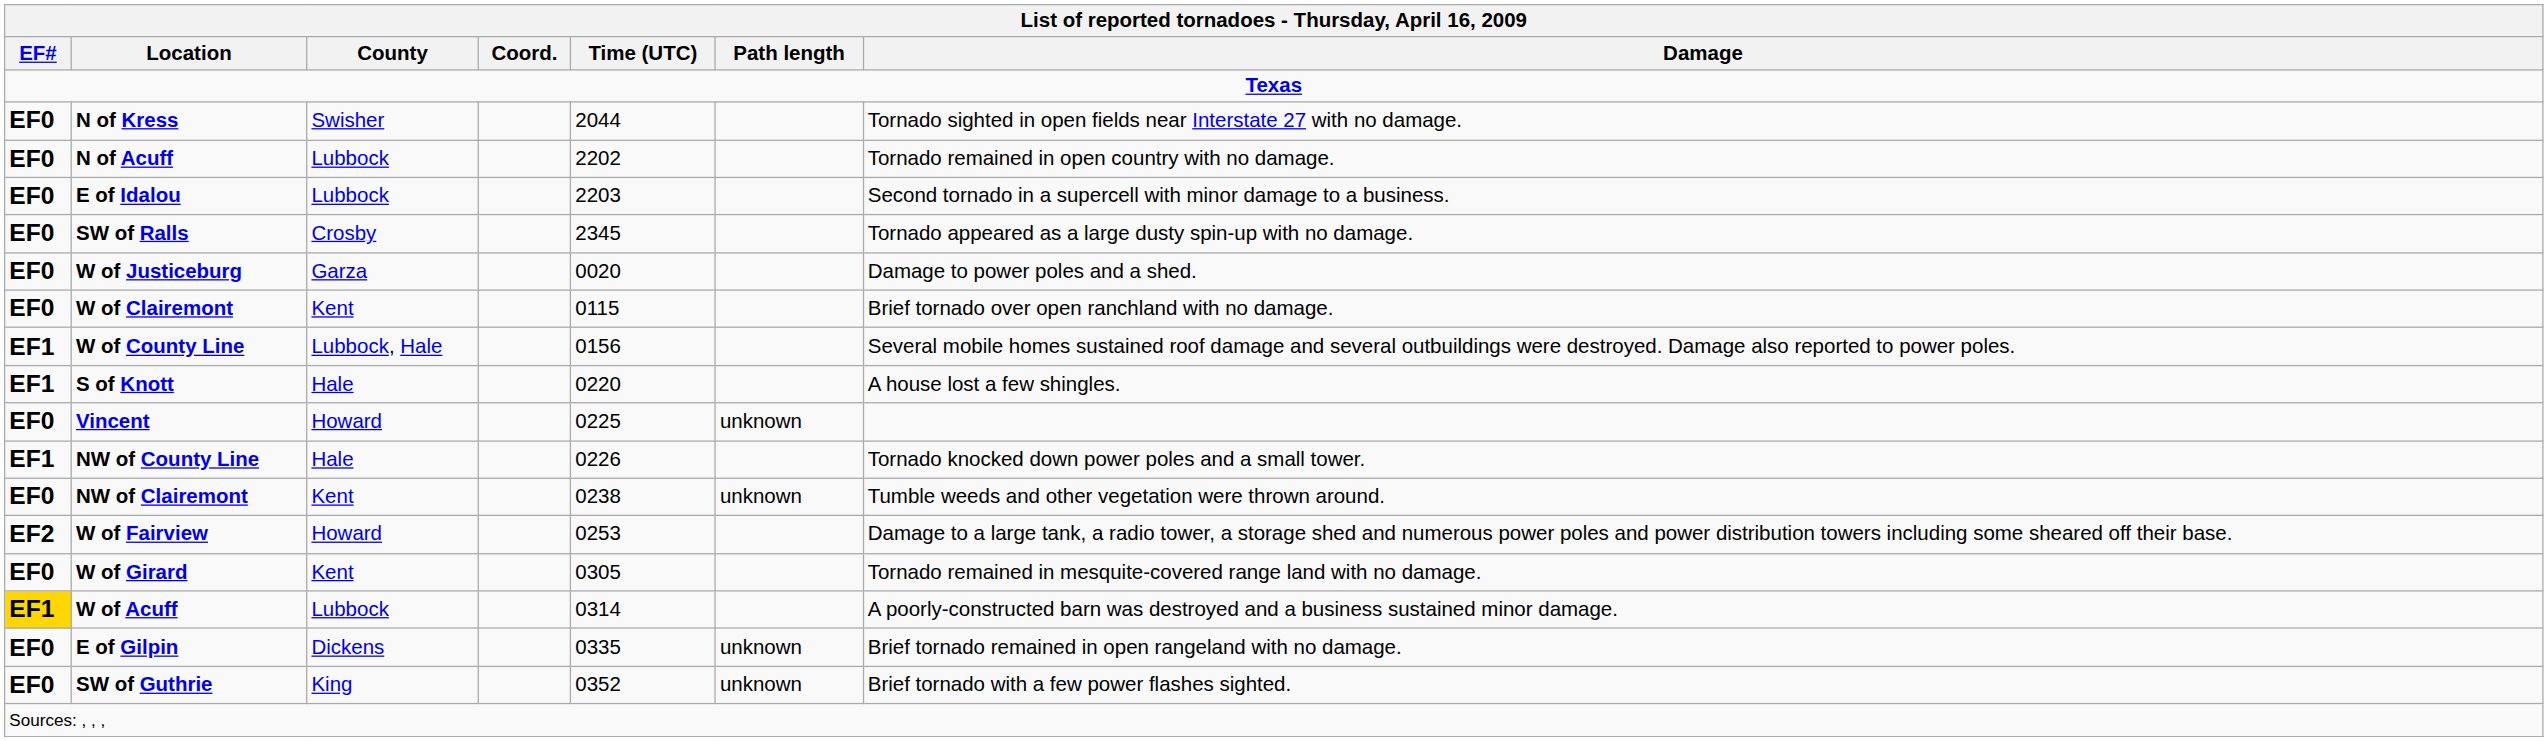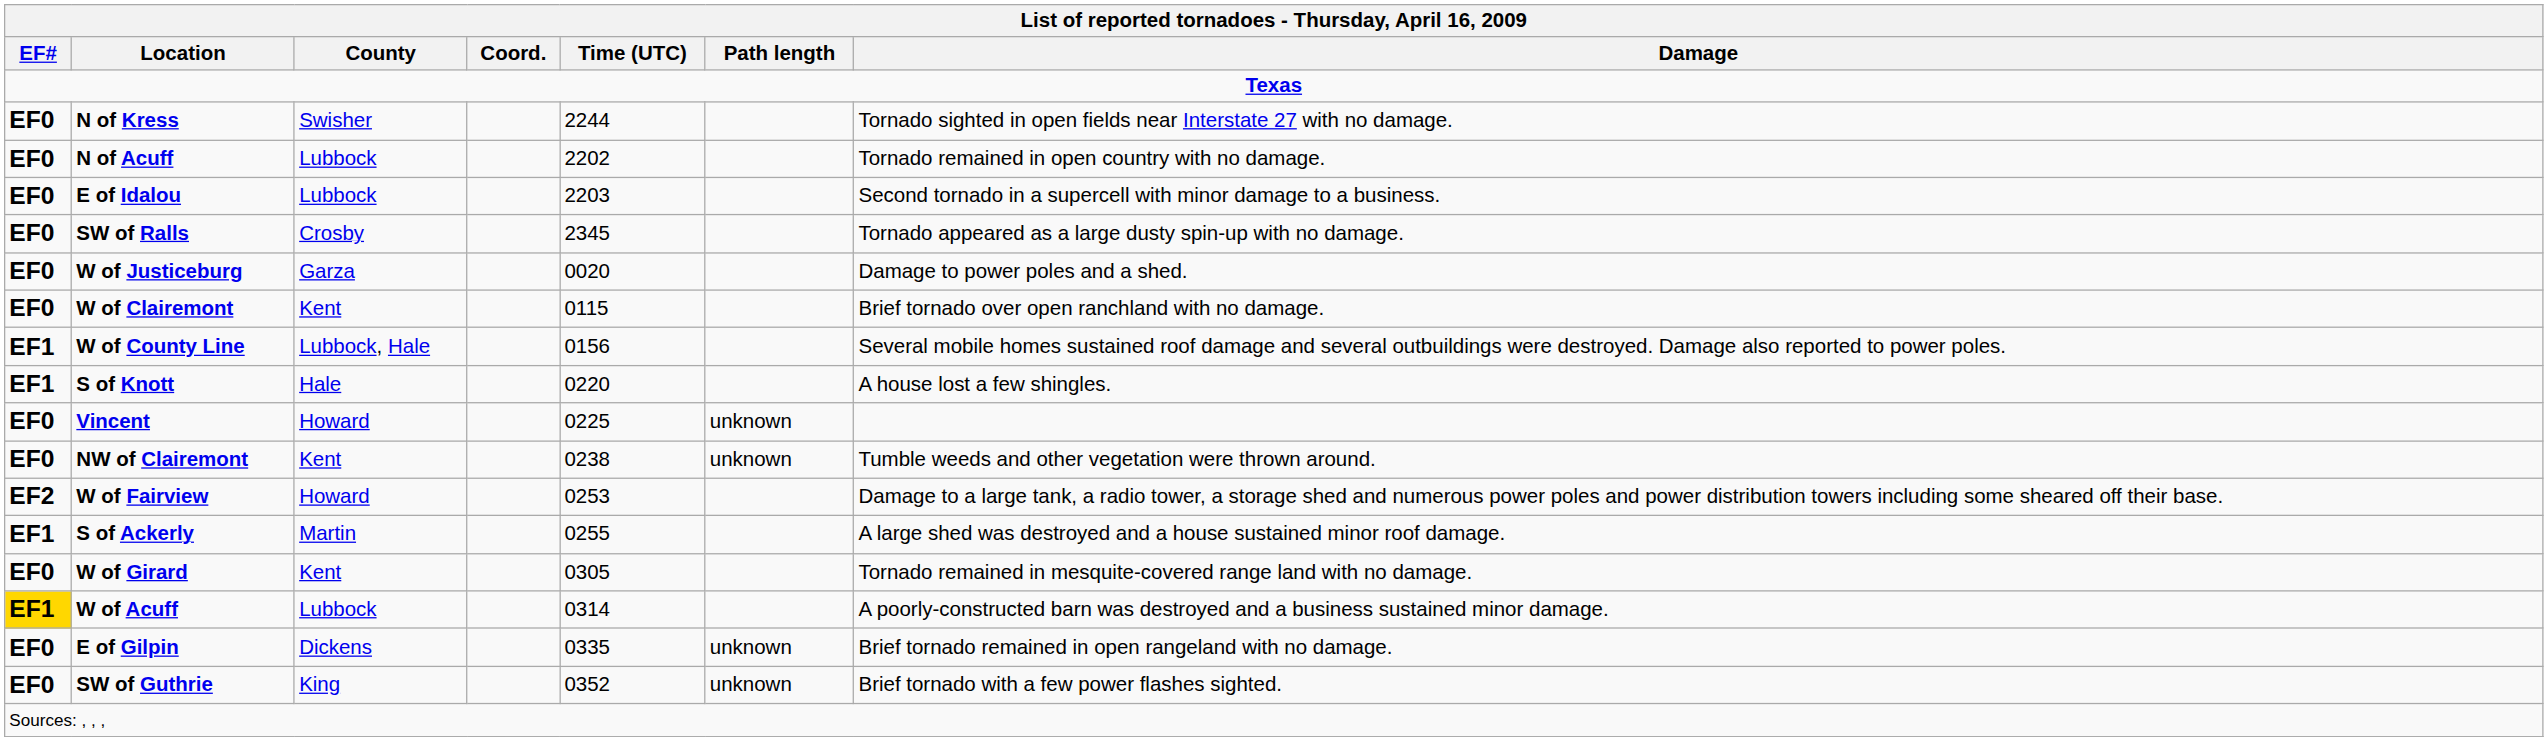 <table class="wikitable collapsible" width="100%">
 <tr>
 <th colspan="7">List of reported tornadoes - Thursday, April 16, 2009</th>
 </tr>
 <tr>
 <th><a href='#'>EF#</a></th>
 <th>Location</th>
 <th>County</th>
 <th>Coord.</th>
 <th>Time (UTC)</th>
 <th>Path length</th>
 <th>Damage</th>
 </tr>
 <tr>
 <td colspan="7" align=center><strong><a href='#'>Texas</a></strong></td>
 </tr>
 <tr>
 <td><big><strong>EF0</strong></big></td>
 <td><strong>N of <a href='#'>Kress</a></strong></td>
 <td><a href='#'>Swisher</a></td>
 <td></td>
-<td>2044</td>
+<td>2244</td>
 <td></td>
 <td>Tornado sighted in open fields near <a href='#'>Interstate 27</a> with no damage.</td>
 </tr>
 <tr>
 <td><big><strong>EF0</strong></big></td>
 <td><strong>N of <a href='#'>Acuff</a></strong></td>
 <td><a href='#'>Lubbock</a></td>
 <td></td>
 <td>2202</td>
 <td></td>
 <td>Tornado remained in open country with no damage.</td>
 </tr>
 <tr>
 <td><big><strong>EF0</strong></big></td>
 <td><strong>E of <a href='#'>Idalou</a></strong></td>
 <td><a href='#'>Lubbock</a></td>
 <td></td>
 <td>2203</td>
 <td></td>
 <td>Second tornado in a supercell with minor damage to a business.</td>
 </tr>
 <tr>
 <td><big><strong>EF0</strong></big></td>
 <td><strong>SW of <a href='#'>Ralls</a></strong></td>
 <td><a href='#'>Crosby</a></td>
 <td></td>
 <td>2345</td>
 <td></td>
 <td>Tornado appeared as a large dusty spin-up with no damage.</td>
 </tr>
 <tr>
 <td><big><strong>EF0</strong></big></td>
 <td><strong>W of <a href='#'>Justiceburg</a></strong></td>
 <td><a href='#'>Garza</a></td>
 <td></td>
 <td>0020</td>
 <td></td>
 <td>Damage to power poles and a shed.</td>
 </tr>
 <tr>
 <td><big><strong>EF0</strong></big></td>
 <td><strong>W of <a href='#'>Clairemont</a></strong></td>
 <td><a href='#'>Kent</a></td>
 <td></td>
 <td>0115</td>
 <td></td>
 <td>Brief tornado over open ranchland with no damage.</td>
 </tr>
 <tr>
 <td><big><strong>EF1</strong></big></td>
 <td><strong>W of <a href='#'>County Line</a></strong></td>
 <td><a href='#'>Lubbock</a>, <a href='#'>Hale</a></td>
 <td></td>
 <td>0156</td>
 <td></td>
 <td>Several mobile homes sustained roof damage and several outbuildings were destroyed. Damage also reported to power poles.</td>
 </tr>
 <tr>
 <td><big><strong>EF1</strong></big></td>
 <td><strong>S of <a href='#'>Knott</a></strong></td>
 <td><a href='#'>Hale</a></td>
 <td></td>
 <td>0220</td>
 <td></td>
 <td>A house lost a few shingles.</td>
 </tr>
 <tr>
 <td><big><strong>EF0</strong></big></td>
 <td><strong><a href='#'>Vincent</a></strong></td>
 <td><a href='#'>Howard</a></td>
 <td></td>
 <td>0225</td>
 <td>unknown</td>
 <td></td>
 </tr>
 <tr>
-<td><big><strong>EF1</strong></big></td>
-<td><strong>NW of <a href='#'>County Line</a></strong></td>
-<td><a href='#'>Hale</a></td>
-<td></td>
-<td>0226</td>
-<td></td>
-<td>Tornado knocked down power poles and a small tower.</td>
-</tr>
-<tr>
 <td><big><strong>EF0</strong></big></td>
 <td><strong>NW of <a href='#'>Clairemont</a></strong></td>
 <td><a href='#'>Kent</a></td>
 <td></td>
 <td>0238</td>
 <td>unknown</td>
 <td>Tumble weeds and other vegetation were thrown around.</td>
 </tr>
 <tr>
 <td><big><strong>EF2</strong></big></td>
 <td><strong>W of <a href='#'>Fairview</a></strong></td>
 <td><a href='#'>Howard</a></td>
 <td></td>
 <td>0253</td>
 <td></td>
 <td>Damage to a large tank, a radio tower, a storage shed and numerous power poles and power distribution towers including some sheared off their base.</td>
+</tr>
+<tr>
+<td><big><strong>EF1</strong></big></td>
+<td><strong>S of <a href='#'>Ackerly</a></strong></td>
+<td><a href='#'>Martin</a></td>
+<td></td>
+<td>0255</td>
+<td></td>
+<td>A large shed was destroyed and a house sustained minor roof damage.</td>
 </tr>
 <tr>
 <td><big><strong>EF0</strong></big></td>
 <td><strong>W of <a href='#'>Girard</a></strong></td>
 <td><a href='#'>Kent</a></td>
 <td></td>
 <td>0305</td>
 <td></td>
 <td>Tornado remained in mesquite-covered range land with no damage.</td>
 </tr>
 <tr>
 <td style="background: gold;"><big><strong>EF1</strong></big></td>
 <td><strong>W of <a href='#'>Acuff</a></strong></td>
 <td><a href='#'>Lubbock</a></td>
 <td></td>
 <td>0314</td>
 <td></td>
 <td>A poorly-constructed barn was destroyed and a business sustained minor damage.</td>
 </tr>
 <tr>
 <td><big><strong>EF0</strong></big></td>
 <td><strong>E of <a href='#'>Gilpin</a></strong></td>
 <td><a href='#'>Dickens</a></td>
 <td></td>
 <td>0335</td>
 <td>unknown</td>
 <td>Brief tornado remained in open rangeland with no damage.</td>
 </tr>
 <tr>
 <td><big><strong>EF0</strong></big></td>
 <td><strong>SW of <a href='#'>Guthrie</a></strong></td>
 <td><a href='#'>King</a></td>
 <td></td>
 <td>0352</td>
 <td>unknown</td>
 <td>Brief tornado with a few power flashes sighted.</td>
 </tr>
 <tr>
 <td colspan="7"><small>Sources: , , , </small></td>
 </tr>
 <tr>
 </tr>
 </table>
